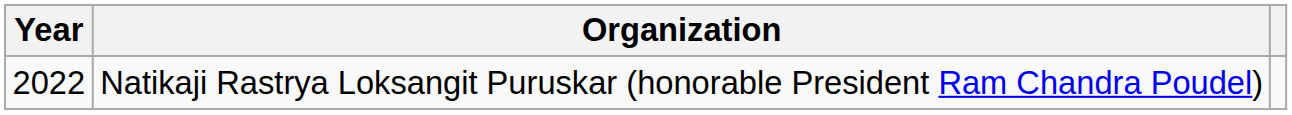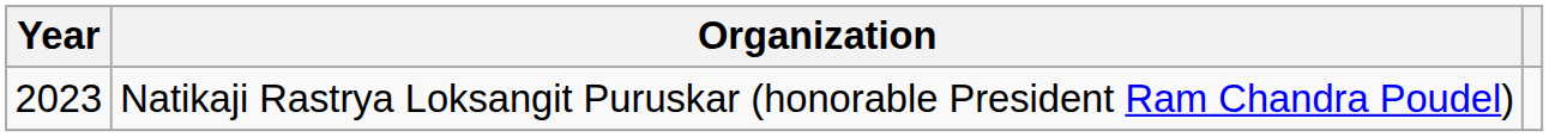 <table class="wikitable sortable">
 <tr>
 <th>Year</th>
 <th>Organization</th>
 <th></th>
 </tr>
 <tr>
-<td>2022</td>
+<td>2023</td>
 <td>Natikaji Rastrya Loksangit Puruskar (honorable President <a href='#'>Ram Chandra Poudel</a>)</td>
 <td></td>
 </tr>
 </table>
